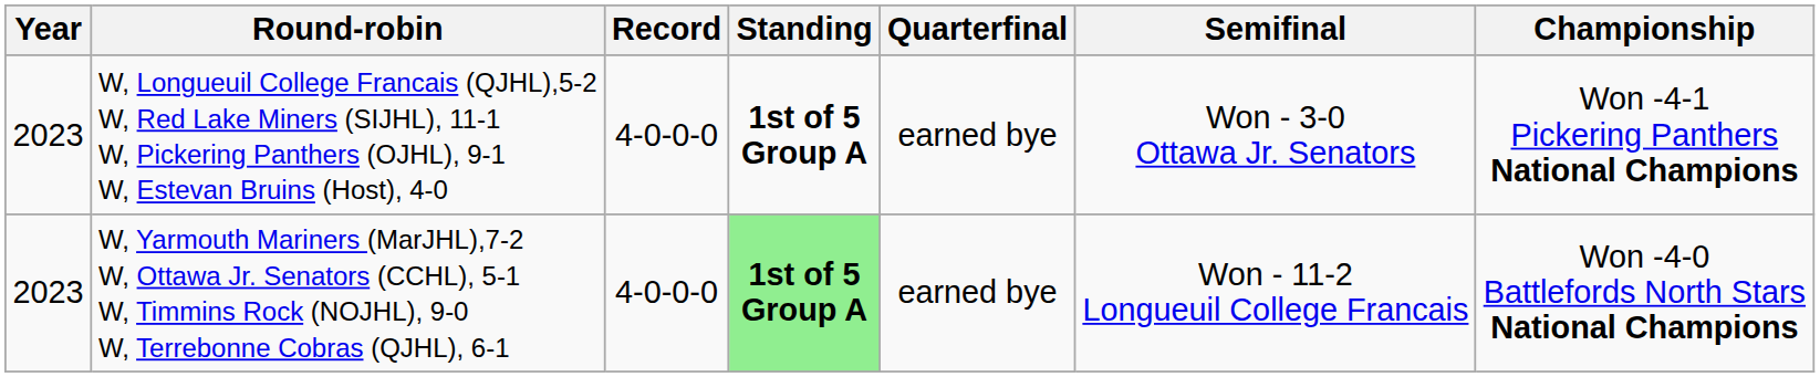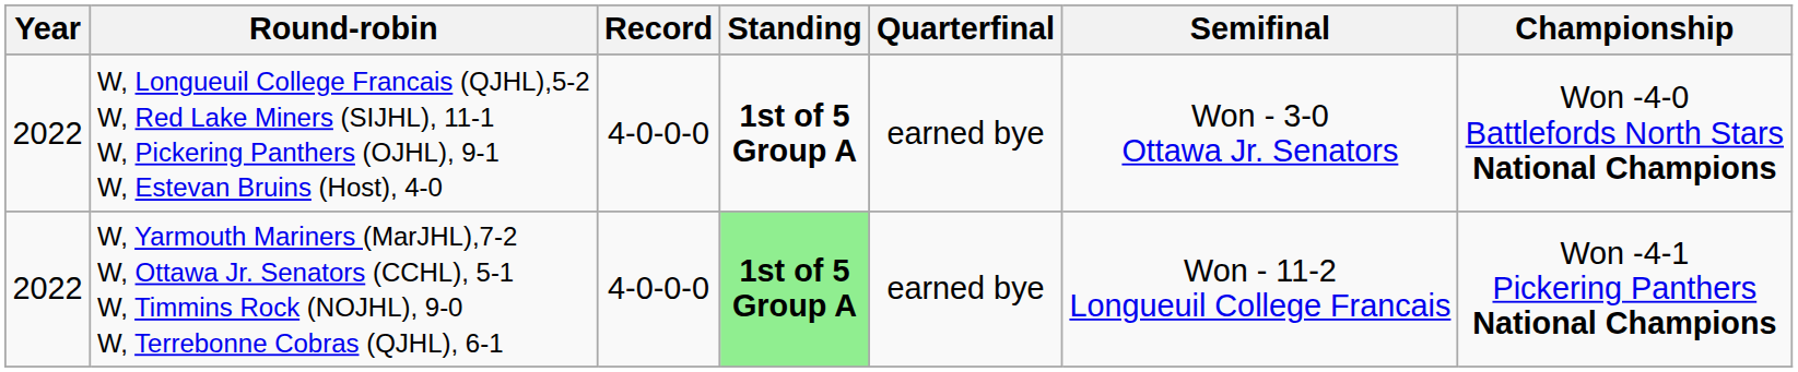 <table class="wikitable" style="text-align:center;">
 <tr>
 <th>Year</th>
 <th>Round-robin</th>
 <th>Record</th>
 <th>Standing</th>
 <th>Quarterfinal</th>
 <th>Semifinal</th>
 <th>Championship</th>
 </tr>
 <tr>
-<td>2023</td>
+<td>2022</td>
 <td align=left><small>W, <a href='#'>Longueuil College Francais</a> (QJHL),5-2<br>W, <a href='#'>Red Lake Miners</a> (SIJHL), 11-1<br>W, <a href='#'>Pickering Panthers</a> (OJHL), 9-1<br>W, <a href='#'>Estevan Bruins</a> (Host), 4-0</small></td>
 <td>4-0-0-0</td>
 <td><strong>1st of 5 <br>Group A</strong></td>
 <td>earned bye</td>
 <td>Won -  3-0<br><a href='#'>Ottawa Jr. Senators</a></td>
-<td>Won -4-1<br><a href='#'>Pickering Panthers</a><br><strong>National Champions</strong></td>
+<td>Won -4-0<br><a href='#'>Battlefords North Stars</a><br><strong>National Champions</strong></td>
 </tr>
 <tr>
-<td>2023</td>
+<td>2022</td>
 <td align=left><small>W, <a href='#'>Yarmouth Mariners </a> (MarJHL),7-2<br>W, <a href='#'>Ottawa Jr. Senators</a> (CCHL), 5-1<br>W, <a href='#'>Timmins Rock</a> (NOJHL), 9-0<br>W, <a href='#'>Terrebonne Cobras</a> (QJHL), 6-1</small></td>
 <td>4-0-0-0</td>
 <td style="background: lightgreen;"><strong>1st of 5 <br>Group A</strong></td>
 <td>earned bye</td>
 <td>Won -  11-2<br><a href='#'>Longueuil College Francais</a></td>
-<td>Won -4-0<br><a href='#'>Battlefords North Stars</a><br><strong>National Champions</strong></td>
+<td>Won -4-1<br><a href='#'>Pickering Panthers</a><br><strong>National Champions</strong></td>
 </tr>
 </table>
